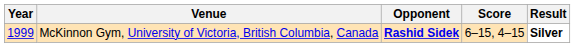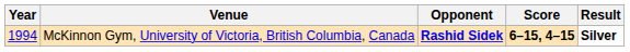 <table class="sortable wikitable" style="font-size: 90%;">
 <tr>
 <th>Year</th>
 <th>Venue</th>
 <th>Opponent</th>
 <th>Score</th>
 <th>Result</th>
 </tr>
 <tr style="background:#FFE4B5">
-<td align="center"><a href='#'>1999</a></td>
+<td align="center"><a href='#'>1994</a></td>
 <td align="left">McKinnon Gym, <a href='#'>University of Victoria</a><a href='#'>, British Columbia</a>, <a href='#'>Canada</a></td>
 <td align="left"><strong> <a href='#'>Rashid Sidek</a></strong></td>
-<td align="left">6–15, 4–15</td>
+<td align="left"><strong>6–15, 4–15</strong></td>
 <td style="text-align:left; background:white"> <strong>Silver</strong></td>
 </tr>
 </table>
